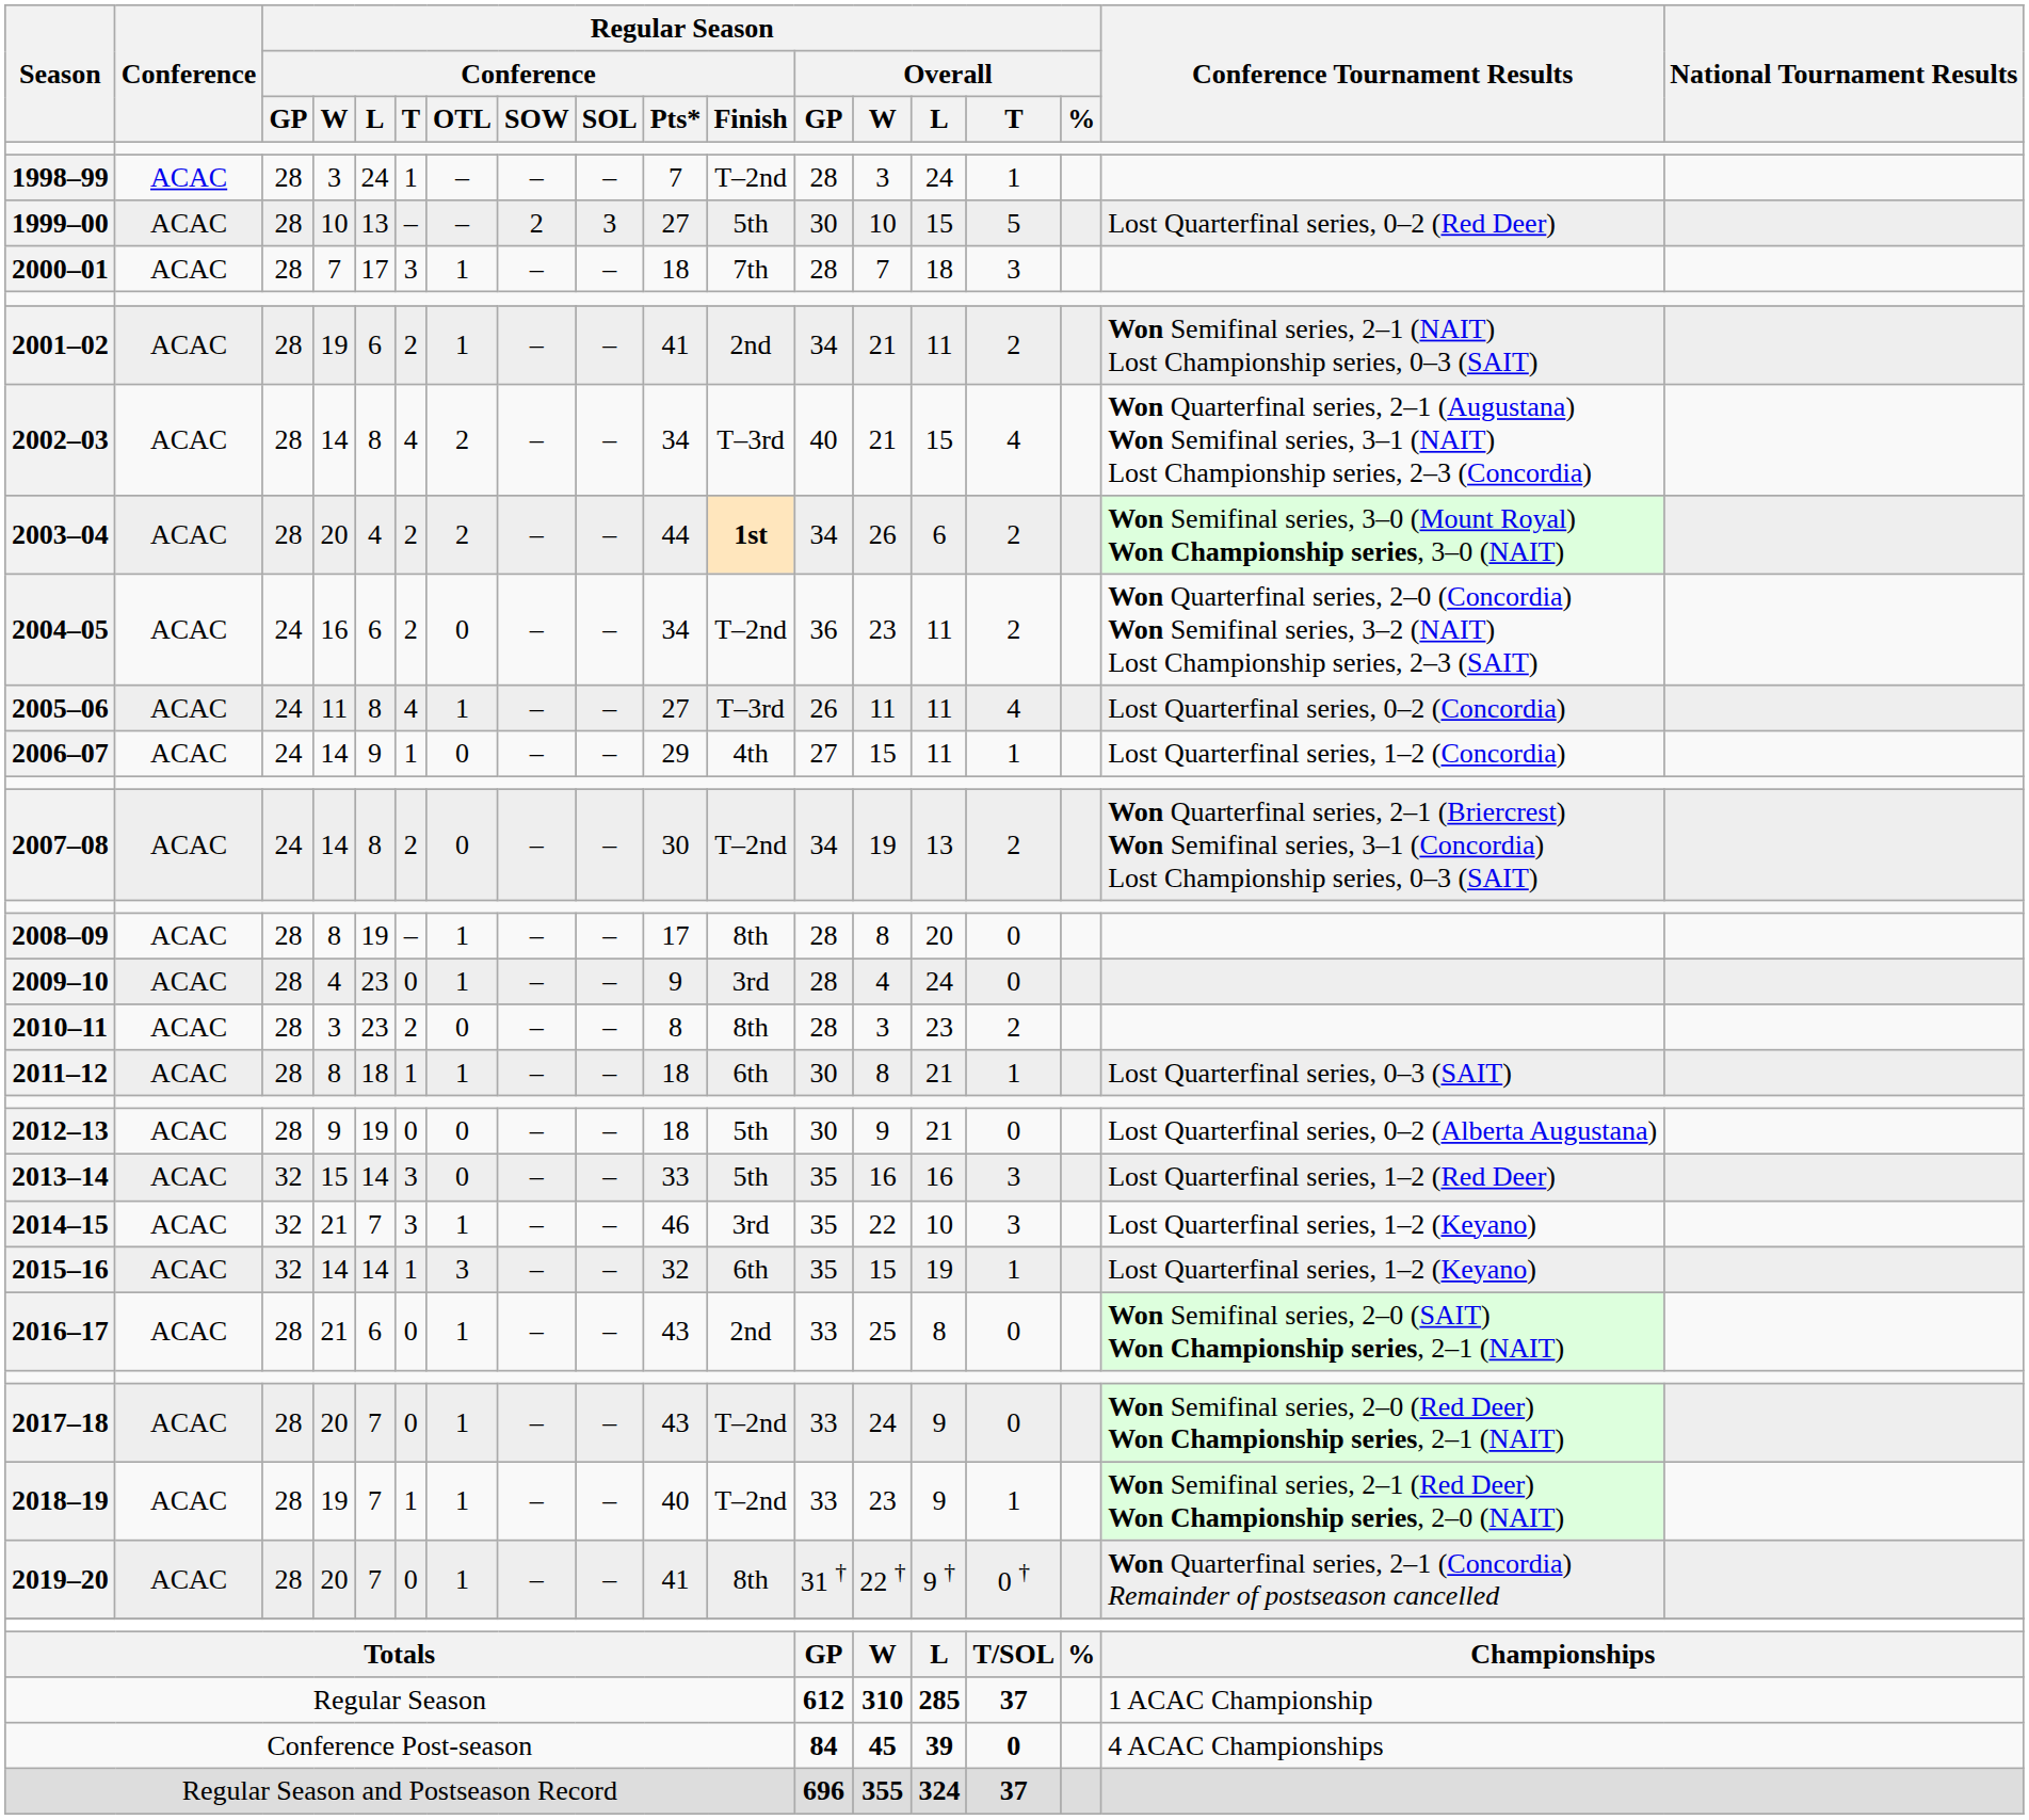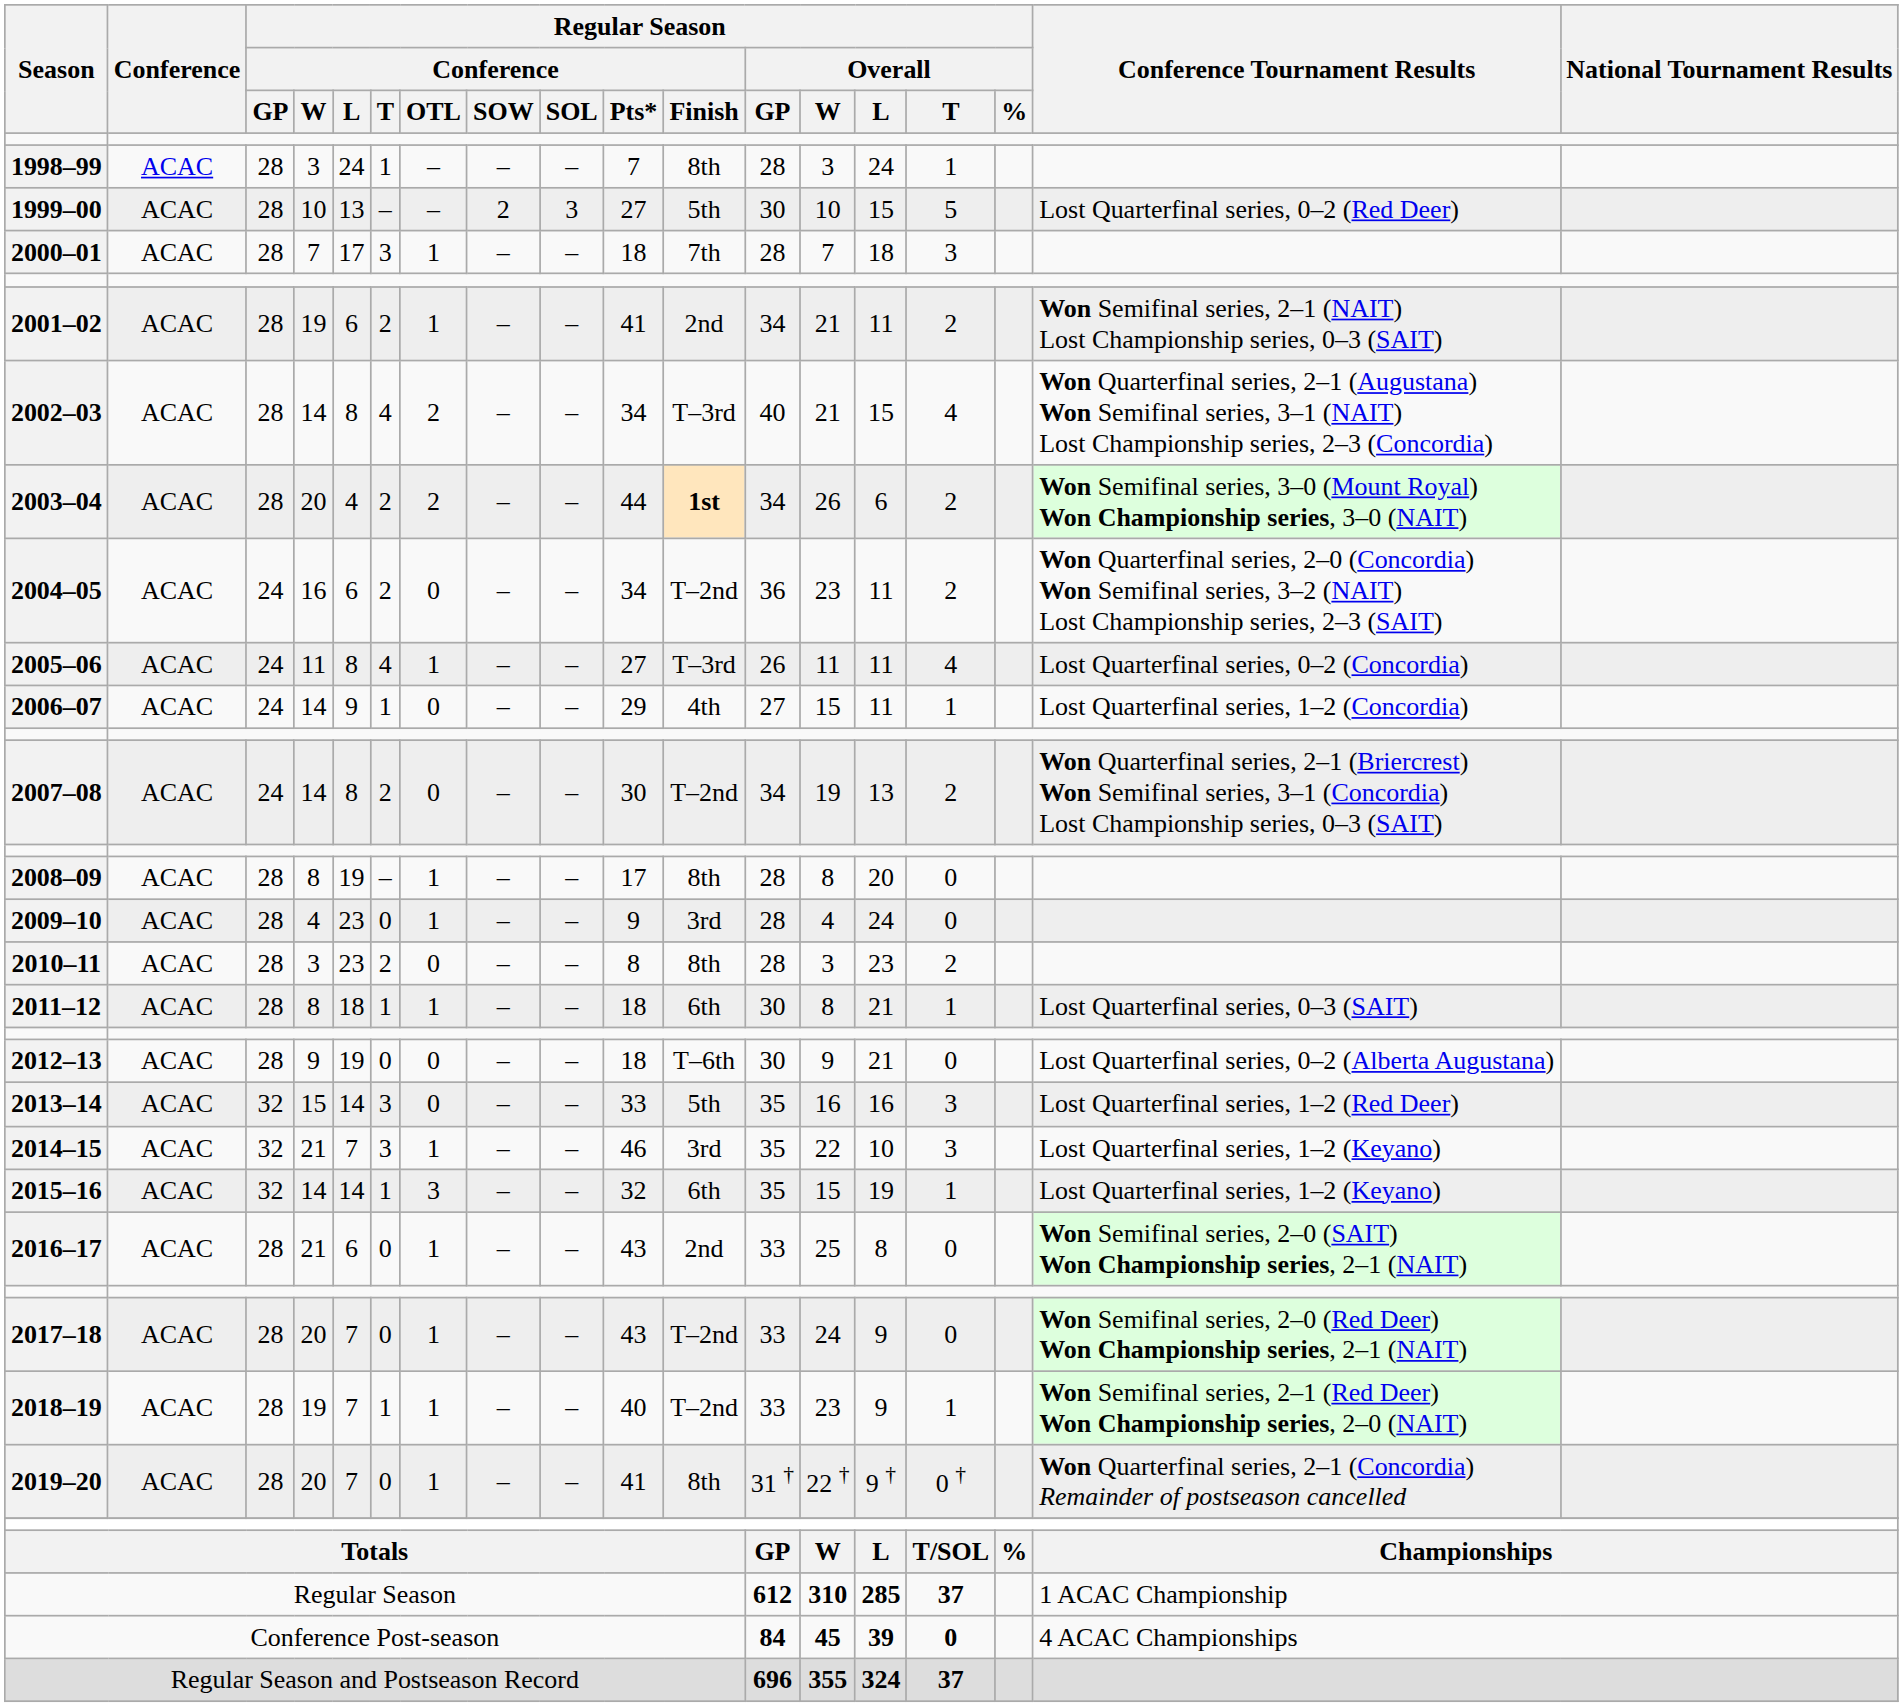 <table class="wikitable" style="text-align: center; font-size: 95%">
 <tr>
 <th rowspan="3">Season</th>
 <th rowspan="3">Conference</th>
 <th colspan="14">Regular Season</th>
 <th rowspan="3">Conference Tournament Results</th>
 <th rowspan="3">National Tournament Results</th>
 </tr>
 <tr>
 <th colspan="9">Conference</th>
 <th colspan="5">Overall</th>
 </tr>
 <tr>
 <th>GP</th>
 <th>W</th>
 <th>L</th>
 <th>T</th>
 <th>OTL</th>
 <th>SOW</th>
 <th>SOL</th>
 <th>Pts*</th>
 <th>Finish</th>
 <th>GP</th>
 <th>W</th>
 <th>L</th>
 <th>T</th>
 <th>%</th>
 </tr>
 <tr>
 <td><strong> </strong></td>
 </tr>
 <tr>
 <th>1998–99</th>
 <td><a href='#'>ACAC</a></td>
 <td>28</td>
 <td>3</td>
 <td>24</td>
 <td>1</td>
 <td>–</td>
 <td>–</td>
 <td>–</td>
 <td>7</td>
-<td>T–2nd</td>
+<td>8th</td>
 <td>28</td>
 <td>3</td>
 <td>24</td>
 <td>1</td>
 <td></td>
 <td align="left"></td>
 <td align="left"></td>
 </tr>
 <tr bgcolor=eeeeee>
 <th>1999–00</th>
 <td>ACAC</td>
 <td>28</td>
 <td>10</td>
 <td>13</td>
 <td>–</td>
 <td>–</td>
 <td>2</td>
 <td>3</td>
 <td>27</td>
 <td>5th</td>
 <td>30</td>
 <td>10</td>
 <td>15</td>
 <td>5</td>
 <td></td>
 <td align="left">Lost Quarterfinal series, 0–2 (<a href='#'>Red Deer</a>)</td>
 <td align="left"></td>
 </tr>
 <tr>
 <th>2000–01</th>
 <td>ACAC</td>
 <td>28</td>
 <td>7</td>
 <td>17</td>
 <td>3</td>
 <td>1</td>
 <td>–</td>
 <td>–</td>
 <td>18</td>
 <td>7th</td>
 <td>28</td>
 <td>7</td>
 <td>18</td>
 <td>3</td>
 <td></td>
 <td align="left"></td>
 <td align="left"></td>
 </tr>
 <tr>
 <td><strong><a href='#'></a> </strong></td>
 </tr>
 <tr bgcolor=eeeeee>
 <th>2001–02</th>
 <td>ACAC</td>
 <td>28</td>
 <td>19</td>
 <td>6</td>
 <td>2</td>
 <td>1</td>
 <td>–</td>
 <td>–</td>
 <td>41</td>
 <td>2nd</td>
 <td>34</td>
 <td>21</td>
 <td>11</td>
 <td>2</td>
 <td></td>
 <td align="left"><strong>Won</strong> Semifinal series, 2–1 (<a href='#'>NAIT</a>)<br>Lost Championship series, 0–3 (<a href='#'>SAIT</a>)</td>
 <td align="left"></td>
 </tr>
 <tr>
 <th>2002–03</th>
 <td>ACAC</td>
 <td>28</td>
 <td>14</td>
 <td>8</td>
 <td>4</td>
 <td>2</td>
 <td>–</td>
 <td>–</td>
 <td>34</td>
 <td>T–3rd</td>
 <td>40</td>
 <td>21</td>
 <td>15</td>
 <td>4</td>
 <td></td>
 <td align="left"><strong>Won</strong> Quarterfinal series, 2–1 (<a href='#'>Augustana</a>)<br><strong>Won</strong> Semifinal series, 3–1 (<a href='#'>NAIT</a>)<br>Lost Championship series, 2–3 (<a href='#'>Concordia</a>)</td>
 <td align="left"></td>
 </tr>
 <tr bgcolor=eeeeee>
 <th>2003–04</th>
 <td>ACAC</td>
 <td>28</td>
 <td>20</td>
 <td>4</td>
 <td>2</td>
 <td>2</td>
 <td>–</td>
 <td>–</td>
 <td>44</td>
 <td style="background: #FFE6BD;"><strong>1st</strong></td>
 <td>34</td>
 <td>26</td>
 <td>6</td>
 <td>2</td>
 <td></td>
 <td bgcolor="#ddffdd" align="left"><strong>Won</strong> Semifinal series, 3–0 (<a href='#'>Mount Royal</a>)<br><strong>Won Championship series</strong>, 3–0 (<a href='#'>NAIT</a>)</td>
 <td align="left"></td>
 </tr>
 <tr>
 <th>2004–05</th>
 <td>ACAC</td>
 <td>24</td>
 <td>16</td>
 <td>6</td>
 <td>2</td>
 <td>0</td>
 <td>–</td>
 <td>–</td>
 <td>34</td>
 <td>T–2nd</td>
 <td>36</td>
 <td>23</td>
 <td>11</td>
 <td>2</td>
 <td></td>
 <td align="left"><strong>Won</strong> Quarterfinal series, 2–0 (<a href='#'>Concordia</a>)<br><strong>Won</strong> Semifinal series, 3–2 (<a href='#'>NAIT</a>)<br>Lost Championship series, 2–3 (<a href='#'>SAIT</a>)</td>
 <td align="left"></td>
 </tr>
 <tr bgcolor=eeeeee>
 <th>2005–06</th>
 <td>ACAC</td>
 <td>24</td>
 <td>11</td>
 <td>8</td>
 <td>4</td>
 <td>1</td>
 <td>–</td>
 <td>–</td>
 <td>27</td>
 <td>T–3rd</td>
 <td>26</td>
 <td>11</td>
 <td>11</td>
 <td>4</td>
 <td></td>
 <td align="left">Lost Quarterfinal series, 0–2 (<a href='#'>Concordia</a>)</td>
 <td align="left"></td>
 </tr>
 <tr>
 <th>2006–07</th>
 <td>ACAC</td>
 <td>24</td>
 <td>14</td>
 <td>9</td>
 <td>1</td>
 <td>0</td>
 <td>–</td>
 <td>–</td>
 <td>29</td>
 <td>4th</td>
 <td>27</td>
 <td>15</td>
 <td>11</td>
 <td>1</td>
 <td></td>
 <td align="left">Lost Quarterfinal series, 1–2 (<a href='#'>Concordia</a>)</td>
 <td align="left"></td>
 </tr>
 <tr>
 <td><strong> </strong></td>
 </tr>
 <tr bgcolor=eeeeee>
 <th>2007–08</th>
 <td>ACAC</td>
 <td>24</td>
 <td>14</td>
 <td>8</td>
 <td>2</td>
 <td>0</td>
 <td>–</td>
 <td>–</td>
 <td>30</td>
 <td>T–2nd</td>
 <td>34</td>
 <td>19</td>
 <td>13</td>
 <td>2</td>
 <td></td>
 <td align="left"><strong>Won</strong> Quarterfinal series, 2–1 (<a href='#'>Briercrest</a>)<br><strong>Won</strong> Semifinal series, 3–1 (<a href='#'>Concordia</a>)<br>Lost Championship series, 0–3 (<a href='#'>SAIT</a>)</td>
 <td align="left"></td>
 </tr>
 <tr>
 <td><strong> </strong></td>
 </tr>
 <tr>
 <th>2008–09</th>
 <td>ACAC</td>
 <td>28</td>
 <td>8</td>
 <td>19</td>
 <td>–</td>
 <td>1</td>
 <td>–</td>
 <td>–</td>
 <td>17</td>
 <td>8th</td>
 <td>28</td>
 <td>8</td>
 <td>20</td>
 <td>0</td>
 <td></td>
 <td align="left"></td>
 <td align="left"></td>
 </tr>
 <tr bgcolor=eeeeee>
 <th>2009–10</th>
 <td>ACAC</td>
 <td>28</td>
 <td>4</td>
 <td>23</td>
 <td>0</td>
 <td>1</td>
 <td>–</td>
 <td>–</td>
 <td>9</td>
 <td>3rd</td>
 <td>28</td>
 <td>4</td>
 <td>24</td>
 <td>0</td>
 <td></td>
 <td align="left"></td>
 <td align="left"></td>
 </tr>
 <tr>
 <th>2010–11</th>
 <td>ACAC</td>
 <td>28</td>
 <td>3</td>
 <td>23</td>
 <td>2</td>
 <td>0</td>
 <td>–</td>
 <td>–</td>
 <td>8</td>
 <td>8th</td>
 <td>28</td>
 <td>3</td>
 <td>23</td>
 <td>2</td>
 <td></td>
 <td align="left"></td>
 <td align="left"></td>
 </tr>
 <tr bgcolor=eeeeee>
 <th>2011–12</th>
 <td>ACAC</td>
 <td>28</td>
 <td>8</td>
 <td>18</td>
 <td>1</td>
 <td>1</td>
 <td>–</td>
 <td>–</td>
 <td>18</td>
 <td>6th</td>
 <td>30</td>
 <td>8</td>
 <td>21</td>
 <td>1</td>
 <td></td>
 <td align="left">Lost Quarterfinal series, 0–3 (<a href='#'>SAIT</a>)</td>
 <td align="left"></td>
 </tr>
 <tr>
 <td><strong> </strong></td>
 </tr>
 <tr>
 <th>2012–13</th>
 <td>ACAC</td>
 <td>28</td>
 <td>9</td>
 <td>19</td>
 <td>0</td>
 <td>0</td>
 <td>–</td>
 <td>–</td>
 <td>18</td>
-<td>5th</td>
+<td>T–6th</td>
 <td>30</td>
 <td>9</td>
 <td>21</td>
 <td>0</td>
 <td></td>
 <td align="left">Lost Quarterfinal series, 0–2 (<a href='#'>Alberta Augustana</a>)</td>
 <td align="left"></td>
 </tr>
 <tr bgcolor=eeeeee>
 <th>2013–14</th>
 <td>ACAC</td>
 <td>32</td>
 <td>15</td>
 <td>14</td>
 <td>3</td>
 <td>0</td>
 <td>–</td>
 <td>–</td>
 <td>33</td>
 <td>5th</td>
 <td>35</td>
 <td>16</td>
 <td>16</td>
 <td>3</td>
 <td></td>
 <td align="left">Lost Quarterfinal series, 1–2 (<a href='#'>Red Deer</a>)</td>
 <td align="left"></td>
 </tr>
 <tr>
 <th>2014–15</th>
 <td>ACAC</td>
 <td>32</td>
 <td>21</td>
 <td>7</td>
 <td>3</td>
 <td>1</td>
 <td>–</td>
 <td>–</td>
 <td>46</td>
 <td>3rd</td>
 <td>35</td>
 <td>22</td>
 <td>10</td>
 <td>3</td>
 <td></td>
 <td align="left">Lost Quarterfinal series, 1–2 (<a href='#'>Keyano</a>)</td>
 <td align="left"></td>
 </tr>
 <tr bgcolor=eeeeee>
 <th>2015–16</th>
 <td>ACAC</td>
 <td>32</td>
 <td>14</td>
 <td>14</td>
 <td>1</td>
 <td>3</td>
 <td>–</td>
 <td>–</td>
 <td>32</td>
 <td>6th</td>
 <td>35</td>
 <td>15</td>
 <td>19</td>
 <td>1</td>
 <td></td>
 <td align="left">Lost Quarterfinal series, 1–2 (<a href='#'>Keyano</a>)</td>
 <td align="left"></td>
 </tr>
 <tr>
 <th>2016–17</th>
 <td>ACAC</td>
 <td>28</td>
 <td>21</td>
 <td>6</td>
 <td>0</td>
 <td>1</td>
 <td>–</td>
 <td>–</td>
 <td>43</td>
 <td>2nd</td>
 <td>33</td>
 <td>25</td>
 <td>8</td>
 <td>0</td>
 <td></td>
 <td bgcolor="#ddffdd" align="left"><strong>Won</strong> Semifinal series, 2–0 (<a href='#'>SAIT</a>)<br><strong>Won Championship series</strong>, 2–1 (<a href='#'>NAIT</a>)</td>
 <td align="left"></td>
 </tr>
 <tr>
 <td><strong> </strong></td>
 </tr>
 <tr bgcolor=eeeeee>
 <th>2017–18</th>
 <td>ACAC</td>
 <td>28</td>
 <td>20</td>
 <td>7</td>
 <td>0</td>
 <td>1</td>
 <td>–</td>
 <td>–</td>
 <td>43</td>
 <td>T–2nd</td>
 <td>33</td>
 <td>24</td>
 <td>9</td>
 <td>0</td>
 <td></td>
 <td bgcolor="#ddffdd" align="left"><strong>Won</strong> Semifinal series, 2–0 (<a href='#'>Red Deer</a>)<br><strong>Won Championship series</strong>, 2–1 (<a href='#'>NAIT</a>)</td>
 <td align="left"></td>
 </tr>
 <tr>
 <th>2018–19</th>
 <td>ACAC</td>
 <td>28</td>
 <td>19</td>
 <td>7</td>
 <td>1</td>
 <td>1</td>
 <td>–</td>
 <td>–</td>
 <td>40</td>
 <td>T–2nd</td>
 <td>33</td>
 <td>23</td>
 <td>9</td>
 <td>1</td>
 <td></td>
 <td bgcolor="#ddffdd" align="left"><strong>Won</strong> Semifinal series, 2–1 (<a href='#'>Red Deer</a>)<br><strong>Won Championship series</strong>, 2–0 (<a href='#'>NAIT</a>)</td>
 <td align="left"></td>
 </tr>
 <tr bgcolor=eeeeee>
 <th>2019–20</th>
 <td>ACAC</td>
 <td>28</td>
 <td>20</td>
 <td>7</td>
 <td>0</td>
 <td>1</td>
 <td>–</td>
 <td>–</td>
 <td>41</td>
 <td>8th</td>
 <td>31 <sup>†</sup></td>
 <td>22 <sup>†</sup></td>
 <td>9 <sup>†</sup></td>
 <td>0 <sup>†</sup></td>
 <td></td>
 <td align="left"><strong>Won</strong> Quarterfinal series, 2–1 (<a href='#'>Concordia</a>)<br><em>Remainder of postseason cancelled</em></td>
 <td align="left"></td>
 </tr>
 <tr>
 </tr>
 <tr ->
 </tr>
 <tr>
 <td colspan="18" style="background:#fff;"></td>
 </tr>
 <tr>
 <th colspan="11">Totals</th>
 <th>GP</th>
 <th>W</th>
 <th>L</th>
 <th>T/SOL</th>
 <th>%</th>
 <th colspan="2">Championships</th>
 </tr>
 <tr>
 <td colspan="11">Regular Season</td>
 <td><strong>612</strong></td>
 <td><strong>310</strong></td>
 <td><strong>285</strong></td>
 <td><strong>37</strong></td>
 <td><strong></strong></td>
 <td colspan="2" align="left">1 ACAC Championship</td>
 </tr>
 <tr>
 <td colspan="11">Conference Post-season</td>
 <td><strong>84</strong></td>
 <td><strong>45</strong></td>
 <td><strong>39</strong></td>
 <td><strong>0</strong></td>
 <td><strong></strong></td>
 <td colspan="2" align="left">4 ACAC Championships</td>
 </tr>
 <tr bgcolor=dddddd>
 <td colspan="11">Regular Season and Postseason Record</td>
 <td><strong>696</strong></td>
 <td><strong>355</strong></td>
 <td><strong>324</strong></td>
 <td><strong>37</strong></td>
 <td><strong></strong></td>
 <td colspan="2" align="left"></td>
 </tr>
 </table>
